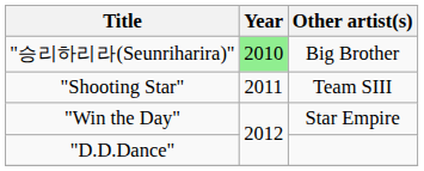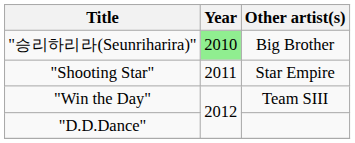 <table class="wikitable" style="text-align: center;">
 <tr>
 <th>Title</th>
 <th>Year</th>
 <th>Other artist(s)</th>
 </tr>
 <tr>
 <td>"승리하리라(Seunriharira)"</td>
 <td style="background: lightgreen;">2010</td>
 <td>Big Brother</td>
 </tr>
 <tr>
 <td>"Shooting Star"</td>
 <td>2011</td>
-<td>Team SIII</td>
+<td>Star Empire</td>
 </tr>
 <tr>
 <td>"Win the Day"</td>
 <td rowspan="2">2012</td>
-<td>Star Empire</td>
+<td>Team SIII</td>
 </tr>
 <tr>
 <td>"D.D.Dance"</td>
 <td></td>
 </tr>
 <tr>
 </tr>
 </table>
